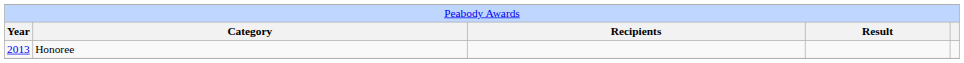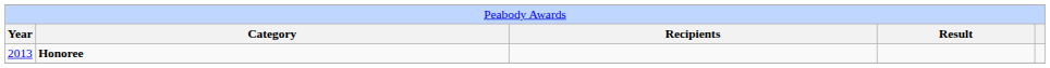 <table class="wikitable plainrowheaders" style="font-size: 100%; width:85%">
 <tr>
 </tr>
 <tr ---- bgcolor="#bfd7ff">
 <td colspan=6 align=center><a href='#'>Peabody Awards</a></td>
 </tr>
 <tr ---- bgcolor="#ebf5ff">
 <th scope="col" style="width:2%;">Year</th>
 <th scope="col" style="width:45%;">Category</th>
 <th scope="col" style="width:35%;">Recipients</th>
 <th scope="col" style="width:15%;">Result</th>
 <th scope="col" class="unsortable" style="width:1%;"></th>
 </tr>
 <tr>
 <td style="text-align:center;"><a href='#'>2013</a></td>
-<td>Honoree</td>
+<td><strong>Honoree</strong></td>
 <td></td>
 <td></td>
 <td style="text-align:center;"></td>
 </tr>
 <tr>
 </tr>
 </table>
